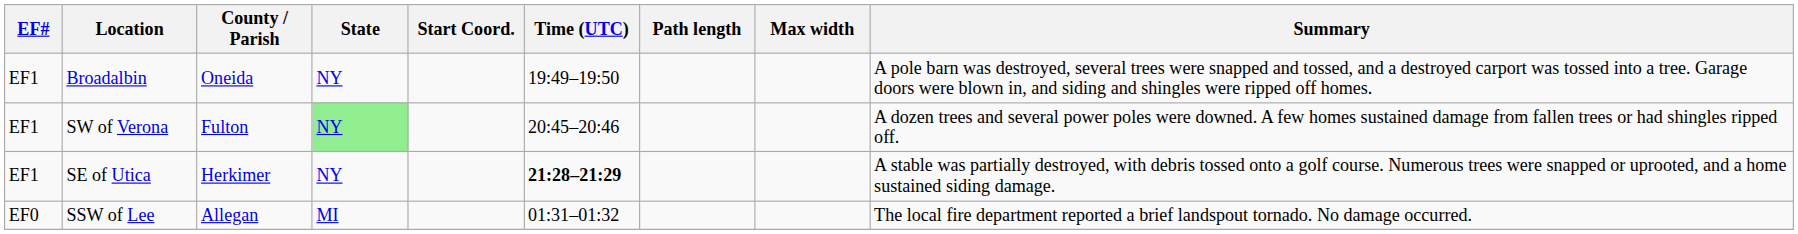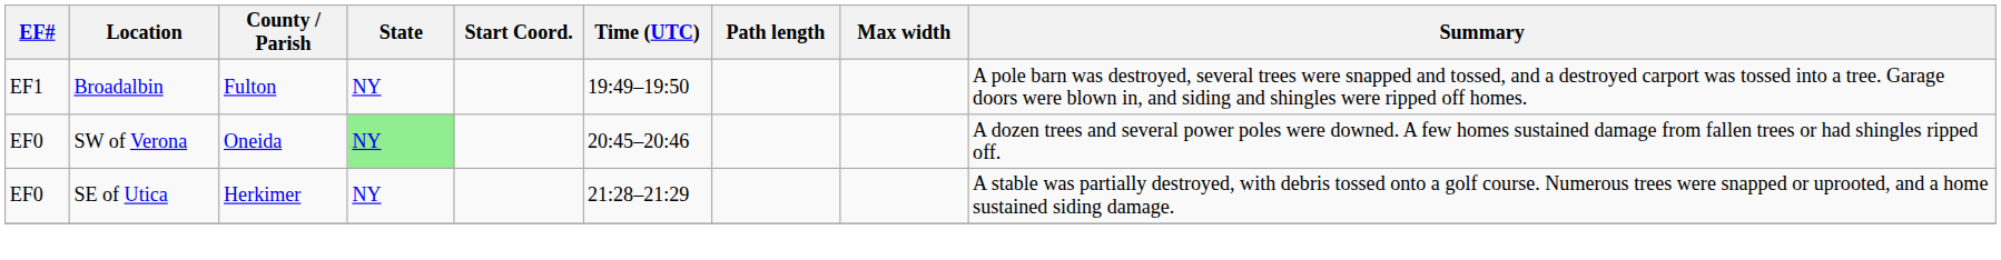 <table class="wikitable sortable" style="width:100%;">
 <tr>
 <th scope="col"  style="width:3%; text-align:center;"><a href='#'>EF#</a></th>
 <th scope="col"  style="width:7%; text-align:center;" class="unsortable">Location</th>
 <th scope="col"  style="width:6%; text-align:center;" class="unsortable">County / Parish</th>
 <th scope="col"  style="width:5%; text-align:center;">State</th>
 <th scope="col"  style="width:6%; text-align:center;">Start Coord.</th>
 <th scope="col"  style="width:6%; text-align:center;">Time (<a href='#'>UTC</a>)</th>
 <th scope="col"  style="width:6%; text-align:center;">Path length</th>
 <th scope="col"  style="width:6%; text-align:center;">Max width</th>
 <th scope="col" class="unsortable" style="width:48%; text-align:center;">Summary</th>
 </tr>
 <tr>
 <td>EF1</td>
 <td><a href='#'>Broadalbin</a></td>
-<td><a href='#'>Oneida</a></td>
+<td><a href='#'>Fulton</a></td>
 <td><a href='#'>NY</a></td>
 <td></td>
 <td>19:49–19:50</td>
 <td></td>
 <td></td>
 <td>A pole barn was destroyed, several trees were snapped and tossed, and a destroyed carport was tossed into a tree. Garage doors were blown in, and siding and shingles were ripped off homes.</td>
 </tr>
 <tr>
-<td>EF1</td>
+<td>EF0</td>
 <td>SW of <a href='#'>Verona</a></td>
-<td><a href='#'>Fulton</a></td>
+<td><a href='#'>Oneida</a></td>
 <td style="background: lightgreen;"><a href='#'>NY</a></td>
 <td></td>
 <td>20:45–20:46</td>
 <td></td>
 <td></td>
 <td>A dozen trees and several power poles were downed. A few homes sustained damage from fallen trees or had shingles ripped off.</td>
 </tr>
 <tr>
-<td>EF1</td>
+<td>EF0</td>
 <td>SE of <a href='#'>Utica</a></td>
 <td><a href='#'>Herkimer</a></td>
 <td><a href='#'>NY</a></td>
 <td></td>
-<td><strong>21:28–21:29</strong></td>
+<td>21:28–21:29</td>
 <td></td>
 <td></td>
 <td>A stable was partially destroyed, with debris tossed  onto a golf course. Numerous trees were snapped or uprooted, and a home sustained siding damage.</td>
 </tr>
 <tr>
-<td>EF0</td>
-<td>SSW of <a href='#'>Lee</a></td>
-<td><a href='#'>Allegan</a></td>
-<td><a href='#'>MI</a></td>
-<td></td>
-<td>01:31–01:32</td>
-<td></td>
-<td></td>
-<td>The local fire department reported a brief landspout tornado. No damage occurred.</td>
-</tr>
-<tr>
 </tr>
 </table>
